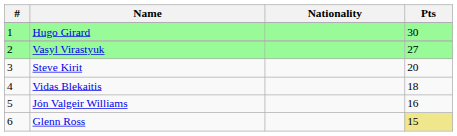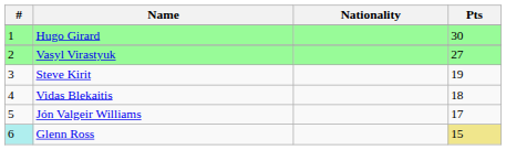 <table class="wikitable" style="display: inline-table; width: 50%;">
 <tr>
 <th>#</th>
 <th>Name</th>
 <th>Nationality</th>
 <th>Pts</th>
 </tr>
 <tr>
 </tr>
 <tr style="background:palegreen;">
 <td>1</td>
 <td><a href='#'>Hugo Girard</a></td>
 <td></td>
 <td>30</td>
 </tr>
 <tr>
 </tr>
 <tr style="background:palegreen;">
 <td>2</td>
 <td><a href='#'>Vasyl Virastyuk</a></td>
 <td></td>
 <td>27</td>
 </tr>
 <tr>
 <td>3</td>
 <td><a href='#'>Steve Kirit</a></td>
 <td></td>
-<td>20</td>
+<td>19</td>
 </tr>
 <tr>
 <td>4</td>
 <td><a href='#'>Vidas Blekaitis</a></td>
 <td></td>
 <td>18</td>
 </tr>
 <tr>
 <td>5</td>
 <td><a href='#'>Jón Valgeir Williams</a></td>
 <td></td>
-<td>16</td>
+<td>17</td>
 </tr>
 <tr>
-<td>6</td>
+<td style="background: paleturquoise;">6</td>
 <td><a href='#'>Glenn Ross</a></td>
 <td></td>
 <td style="background: khaki;">15</td>
 </tr>
 </table>
